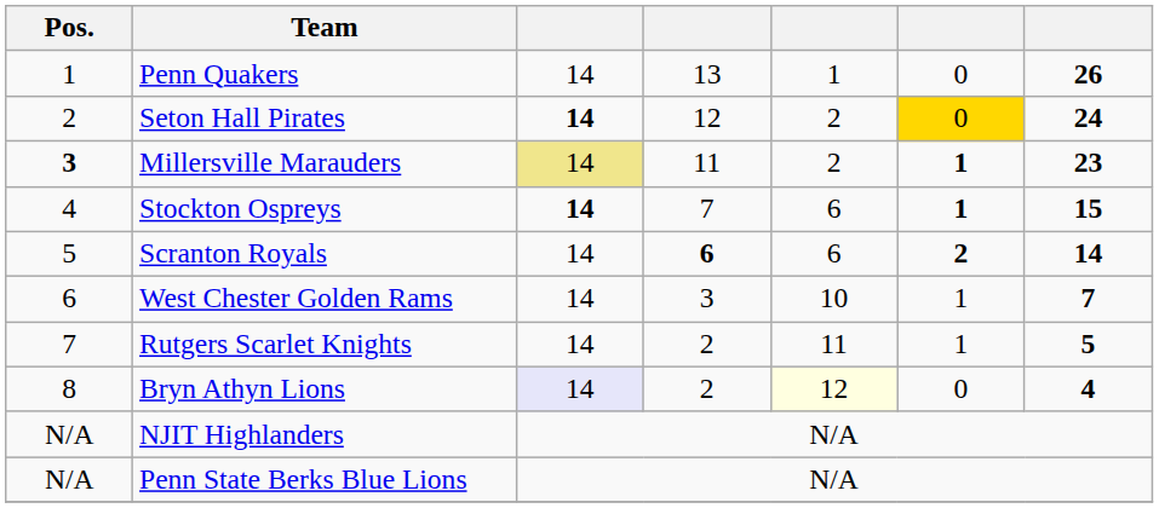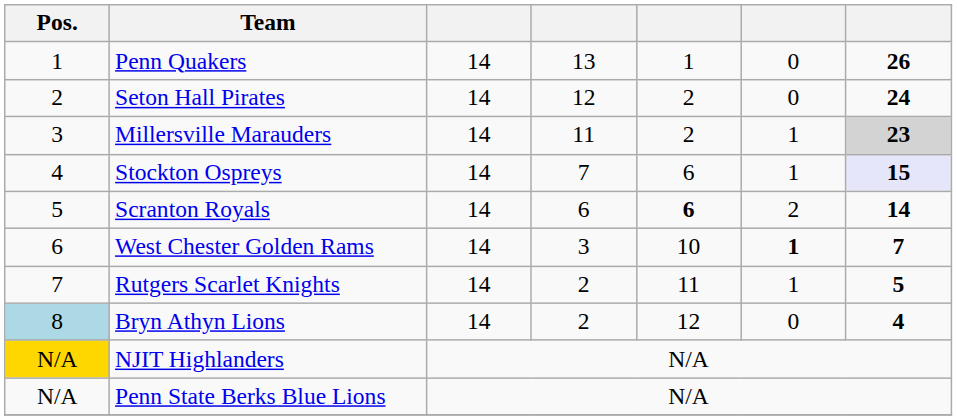 <table class="wikitable sortable">
 <tr>
 <th style="width: 4em;">Pos.</th>
 <th style="width: 13em;">Team</th>
 <th style="width: 4em;"></th>
 <th style="width: 4em;"></th>
 <th style="width: 4em;"></th>
 <th style="width: 4em;"></th>
 <th style="width: 4em;"></th>
 </tr>
 <tr style="text-align:center;">
 <td style="text-align:center;">1</td>
 <td style="text-align:left;"><a href='#'>Penn Quakers</a></td>
 <td>14</td>
 <td>13</td>
 <td>1</td>
 <td>0</td>
 <td><strong>26</strong></td>
 </tr>
 <tr style="text-align:center;">
 <td style="text-align:center;">2</td>
 <td style="text-align:left;"><a href='#'>Seton Hall Pirates</a></td>
-<td><strong>14</strong></td>
+<td>14</td>
 <td>12</td>
 <td>2</td>
-<td style="background: gold;">0</td>
+<td>0</td>
 <td><strong>24</strong></td>
 </tr>
 <tr style="text-align:center;">
-<td style="text-align:center;"><strong>3</strong></td>
+<td style="text-align:center;">3</td>
 <td style="text-align:left;"><a href='#'>Millersville Marauders</a></td>
-<td style="background: khaki;">14</td>
+<td>14</td>
 <td>11</td>
 <td>2</td>
-<td><strong>1</strong></td>
-<td><strong>23</strong></td>
+<td>1</td>
+<td style="background: lightgrey;"><strong>23</strong></td>
 </tr>
 <tr style="text-align:center;">
 <td style="text-align:center;">4</td>
 <td style="text-align:left;"><a href='#'>Stockton Ospreys</a></td>
-<td><strong>14</strong></td>
+<td>14</td>
 <td>7</td>
 <td>6</td>
-<td><strong>1</strong></td>
-<td><strong>15</strong></td>
+<td>1</td>
+<td style="background: lavender;"><strong>15</strong></td>
 </tr>
 <tr style="text-align:center;">
 <td style="text-align:center;">5</td>
 <td style="text-align:left;"><a href='#'>Scranton Royals</a></td>
 <td>14</td>
+<td>6</td>
 <td><strong>6</strong></td>
-<td>6</td>
-<td><strong>2</strong></td>
+<td>2</td>
 <td><strong>14</strong></td>
 </tr>
 <tr style="text-align:center;">
 <td style="text-align:center;">6</td>
 <td style="text-align:left;"><a href='#'>West Chester Golden Rams</a></td>
 <td>14</td>
 <td>3</td>
 <td>10</td>
-<td>1</td>
+<td><strong>1</strong></td>
 <td><strong>7</strong></td>
 </tr>
 <tr style="text-align:center;">
 <td style="text-align:center;">7</td>
 <td style="text-align:left;"><a href='#'>Rutgers Scarlet Knights</a></td>
 <td>14</td>
 <td>2</td>
 <td>11</td>
 <td>1</td>
 <td><strong>5</strong></td>
 </tr>
 <tr style="text-align:center;">
-<td style="text-align:center;">8</td>
+<td style="background: lightblue; text-align:center;">8</td>
 <td style="text-align:left;"><a href='#'>Bryn Athyn Lions</a></td>
-<td style="background: lavender;">14</td>
+<td>14</td>
 <td>2</td>
-<td style="background: lightyellow;">12</td>
+<td>12</td>
 <td>0</td>
 <td><strong>4</strong></td>
 </tr>
 <tr style="text-align:center;">
-<td style="text-align:center;">N/A</td>
+<td style="background: gold; text-align:center;">N/A</td>
 <td style="text-align:left;"><a href='#'>NJIT Highlanders</a></td>
 <td colspan="5" align=center>N/A</td>
 </tr>
 <tr style="text-align:center;">
 <td style="text-align:center;">N/A</td>
 <td style="text-align:left;"><a href='#'>Penn State Berks Blue Lions</a></td>
 <td colspan="5" align=center>N/A</td>
 </tr>
 <tr style="text-align:center;">
 </tr>
 </table>
